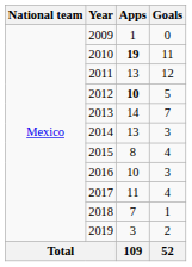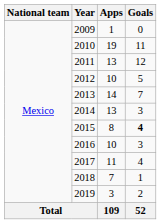 <table class=wikitable style=text-align:center>
 <tr>
 <th>National team</th>
 <th>Year</th>
 <th>Apps</th>
 <th>Goals</th>
 </tr>
 <tr>
 <td rowspan=11><a href='#'>Mexico</a></td>
 <td>2009</td>
 <td>1</td>
 <td>0</td>
 </tr>
 <tr>
 <td>2010</td>
-<td><strong>19</strong></td>
+<td>19</td>
 <td>11</td>
 </tr>
 <tr>
 <td>2011</td>
 <td>13</td>
 <td>12</td>
 </tr>
 <tr>
 <td>2012</td>
-<td><strong>10</strong></td>
+<td>10</td>
 <td>5</td>
 </tr>
 <tr>
 <td>2013</td>
 <td>14</td>
 <td>7</td>
 </tr>
 <tr>
 <td>2014</td>
 <td>13</td>
 <td>3</td>
 </tr>
 <tr>
 <td>2015</td>
 <td>8</td>
-<td>4</td>
+<td><strong>4</strong></td>
 </tr>
 <tr>
 <td>2016</td>
 <td>10</td>
 <td>3</td>
 </tr>
 <tr>
 <td>2017</td>
 <td>11</td>
 <td>4</td>
 </tr>
 <tr>
 <td>2018</td>
 <td>7</td>
 <td>1</td>
 </tr>
 <tr>
 <td>2019</td>
 <td>3</td>
 <td>2</td>
 </tr>
 <tr>
 <th colspan=2>Total</th>
 <th>109</th>
 <th>52</th>
 </tr>
 </table>
